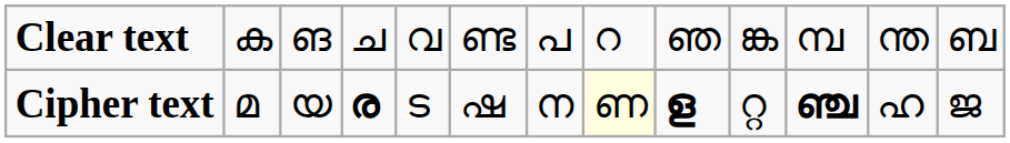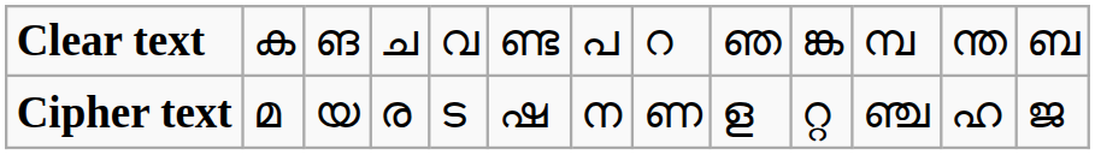 <table class="wikitable">
 <tr>
 <td><strong>Clear text</strong></td>
 <td>ക</td>
 <td>ങ</td>
 <td>ച</td>
 <td>വ</td>
 <td>ണ്ട</td>
 <td>പ</td>
 <td>റ</td>
 <td>ഞ</td>
 <td>ങ്ക</td>
 <td>മ്പ</td>
 <td>ന്ത</td>
 <td>ബ</td>
 </tr>
 <tr>
 <td><strong>Cipher text</strong></td>
 <td>മ</td>
 <td>യ</td>
-<td><strong>ര</strong></td>
+<td>ര</td>
 <td>ട</td>
 <td>ഷ</td>
 <td>ന</td>
-<td style="background: lightyellow;">ണ</td>
-<td><strong>ള</strong></td>
+<td>ണ</td>
+<td>ള</td>
 <td>റ്റ</td>
-<td><strong>ഞ്ച</strong></td>
+<td>ഞ്ച</td>
 <td>ഹ</td>
 <td>ജ</td>
 </tr>
 </table>
